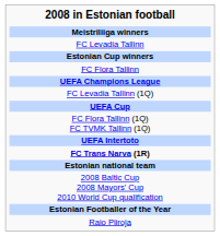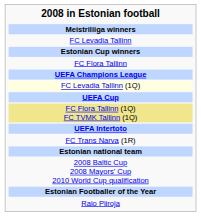 <table class="infobox football" style="width: 19em; text-align: center;">
 <tr>
 <th style="font-size: 16px;">2008 in Estonian football</th>
 </tr>
 <tr>
 <td style="font-size:12px;line-height:14px;"><span></span></td>
 </tr>
 <tr>
 <td style="font-size:12px; background: #BFD7FF;"><strong>Meistriliiga winners</strong></td>
 </tr>
 <tr>
 <td style="font-size:12px;"><a href='#'>FC Levadia Tallinn</a></td>
 </tr>
 <tr>
 <td style="font-size:12px; background: #BFD7FF;"><strong>Estonian Cup winners</strong></td>
 </tr>
 <tr>
 <td style="font-size:12px;"><a href='#'>FC Flora Tallinn</a></td>
 </tr>
 <tr>
 <td style="font-size:12px; background: #BFD7FF;"><strong><a href='#'>UEFA Champions League</a></strong></td>
 </tr>
 <tr>
-<td style="font-size:12px;"><a href='#'>FC Levadia Tallinn</a> (1Q)</td>
+<td style="background: lightyellow; font-size:12px;"><a href='#'>FC Levadia Tallinn</a> (1Q)</td>
 </tr>
 <tr>
 <td style="font-size:12px; background: #BFD7FF;"><strong><a href='#'>UEFA Cup</a></strong></td>
 </tr>
 <tr>
-<td style="font-size:12px;"><a href='#'>FC Flora Tallinn</a> (1Q)<br> <a href='#'>FC TVMK Tallinn</a> (1Q)</td>
+<td style="background: khaki; font-size:12px;"><a href='#'>FC Flora Tallinn</a> (1Q)<br> <a href='#'>FC TVMK Tallinn</a> (1Q)</td>
 </tr>
 <tr>
 <td style="font-size:12px; background: #BFD7FF;"><strong><a href='#'>UEFA Intertoto</a></strong></td>
 </tr>
 <tr>
-<td style="font-size:12px;"><strong><a href='#'>FC Trans Narva</a> (1R)</strong></td>
+<td style="font-size:12px;"><a href='#'>FC Trans Narva</a> (1R)</td>
 </tr>
 <tr>
 <td style="font-size:12px; background: #BFD7FF;"><strong>Estonian national team</strong></td>
 </tr>
 <tr>
 <td style="font-size:12px;"><a href='#'>2008 Baltic Cup</a><br><a href='#'>2008 Mayors' Cup</a><br><a href='#'>2010 World Cup qualification</a></td>
 </tr>
 <tr>
 <td colspan=3 style="font-size: 12px; background: #BFD7FF;"><strong>Estonian Footballer of the Year</strong></td>
 </tr>
 <tr>
 <td colspan=3 style="font-size: 12px;"><a href='#'>Raio Piiroja</a></td>
 </tr>
 </table>
